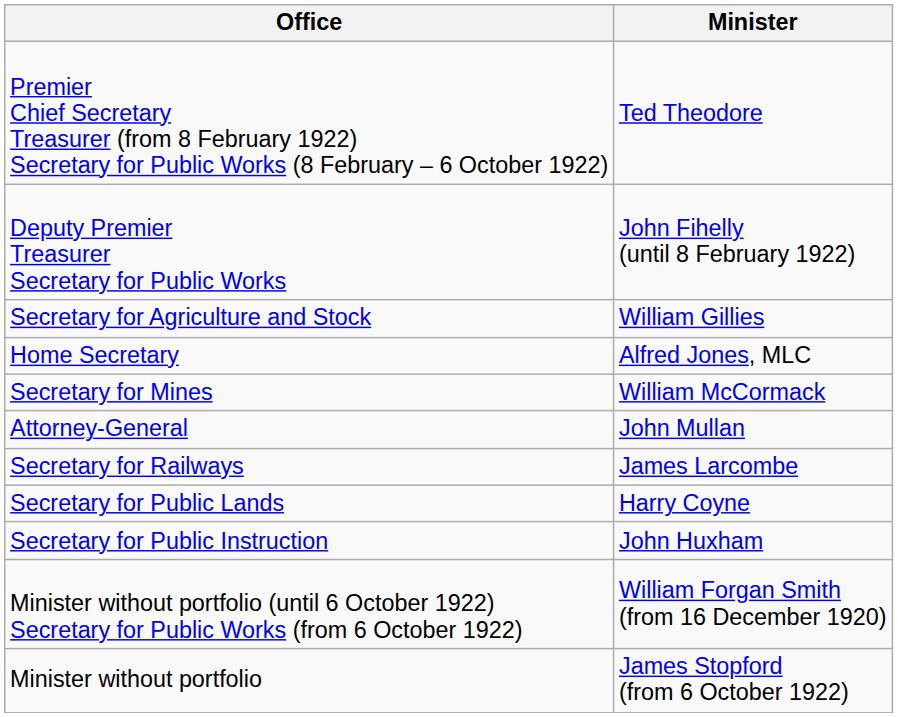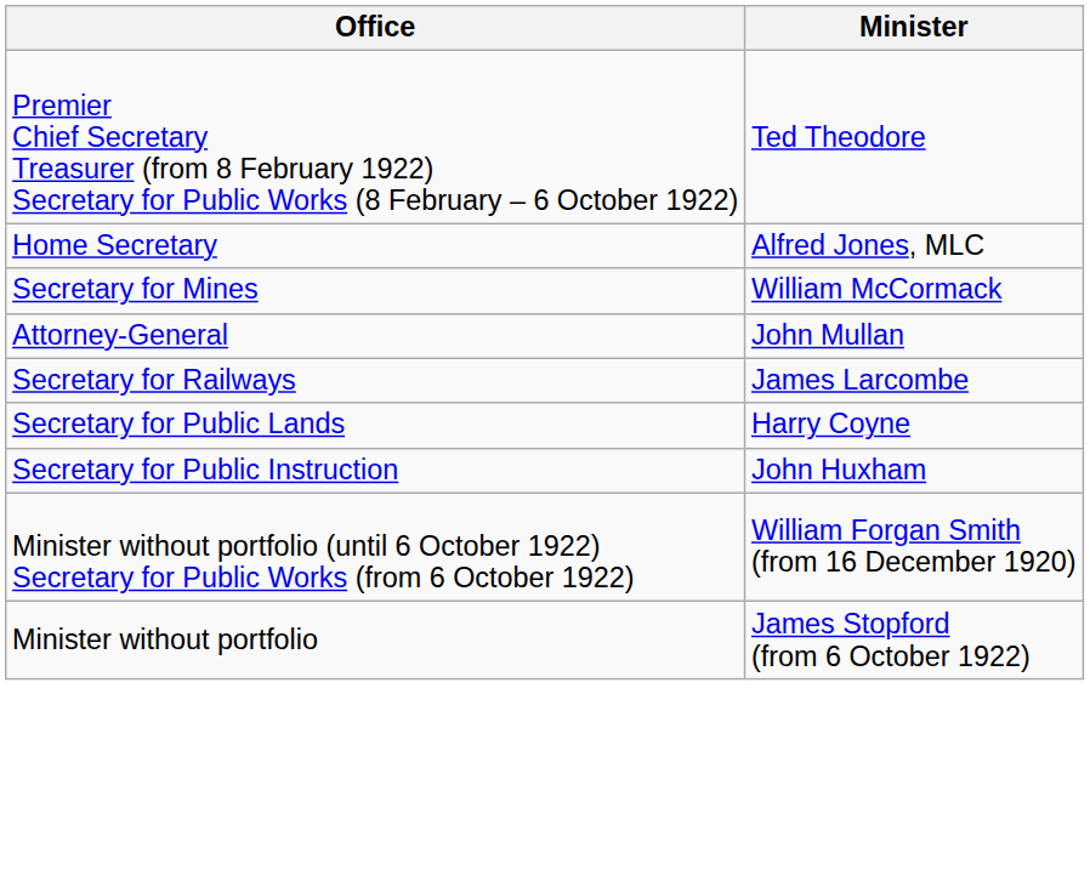 <table class="wikitable">
 <tr>
 <th>Office</th>
 <th>Minister</th>
 </tr>
 <tr>
 <td><br><a href='#'>Premier</a><br> <a href='#'>Chief Secretary</a><br> <a href='#'>Treasurer</a> (from 8 February 1922)<br> <a href='#'>Secretary for Public Works</a> (8 February – 6 October 1922)</td>
 <td><a href='#'>Ted Theodore</a></td>
-</tr>
-<tr>
-<td><br><a href='#'>Deputy Premier</a><br> <a href='#'>Treasurer</a><br> <a href='#'>Secretary for Public Works</a></td>
-<td><a href='#'>John Fihelly</a><br>(until 8 February 1922)</td>
-</tr>
-<tr>
-<td><a href='#'>Secretary for Agriculture and Stock</a></td>
-<td><a href='#'>William Gillies</a></td>
 </tr>
 <tr>
 <td><a href='#'>Home Secretary</a></td>
 <td><a href='#'>Alfred Jones</a>, MLC</td>
 </tr>
 <tr>
 <td><a href='#'>Secretary for Mines</a></td>
 <td><a href='#'>William McCormack</a></td>
 </tr>
 <tr>
 <td><a href='#'>Attorney-General</a></td>
 <td><a href='#'>John Mullan</a></td>
 </tr>
 <tr>
 <td><a href='#'>Secretary for Railways</a></td>
 <td><a href='#'>James Larcombe</a></td>
 </tr>
 <tr>
 <td><a href='#'>Secretary for Public Lands</a></td>
 <td><a href='#'>Harry Coyne</a></td>
 </tr>
 <tr>
 <td><a href='#'>Secretary for Public Instruction</a></td>
 <td><a href='#'>John Huxham</a></td>
 </tr>
 <tr>
 <td><br>Minister without portfolio (until 6 October 1922)<br> <a href='#'>Secretary for Public Works</a> (from 6 October 1922)</td>
 <td><a href='#'>William Forgan Smith</a><br>(from 16 December 1920)</td>
 </tr>
 <tr>
 <td>Minister without portfolio</td>
 <td><a href='#'>James Stopford</a><br>(from 6 October 1922)</td>
 </tr>
 </table>
